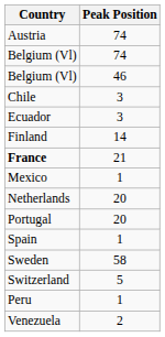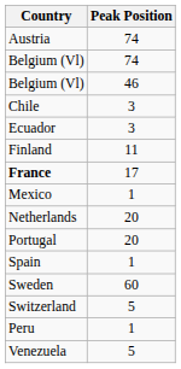 <table class="wikitable">
 <tr>
 <th align="left">Country</th>
 <th align="left">Peak Position</th>
 </tr>
 <tr>
 <td>Austria</td>
 <td align="center">74</td>
 </tr>
 <tr>
 <td>Belgium (Vl)</td>
 <td align="center">74</td>
 </tr>
 <tr>
 <td>Belgium (Vl)</td>
 <td align="center">46</td>
 </tr>
 <tr>
 <td>Chile</td>
 <td align="center">3</td>
 </tr>
 <tr>
 <td>Ecuador</td>
 <td align="center">3</td>
 </tr>
 <tr>
 <td>Finland</td>
-<td align="center">14</td>
+<td align="center">11</td>
 </tr>
 <tr>
 <td><strong>France</strong></td>
-<td align="center">21</td>
+<td align="center">17</td>
 </tr>
 <tr>
 <td>Mexico</td>
 <td align="center">1</td>
 </tr>
 <tr>
 <td>Netherlands</td>
 <td align="center">20</td>
 </tr>
 <tr>
 <td>Portugal</td>
 <td align="center">20</td>
 </tr>
 <tr>
 <td>Spain</td>
 <td align="center">1</td>
 </tr>
 <tr>
 <td>Sweden</td>
-<td align="center">58</td>
+<td align="center">60</td>
 </tr>
 <tr>
 <td>Switzerland</td>
 <td align="center">5</td>
 </tr>
 <tr>
 <td>Peru</td>
 <td align="center">1</td>
 </tr>
 <tr>
 <td>Venezuela</td>
-<td align="center">2 </td>
+<td align="center">5 </td>
 </tr>
 </table>
